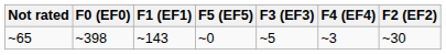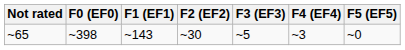 <table class="wikitable mw-collapsible">
 <tr>
 <th>Not rated</th>
 <th style="background-color:#">F0 (EF0)</th>
 <th style="background-color:#">F1 (EF1)</th>
-<th style="background-color:#">F5 (EF5)</th>
+<th style="background-color:#">F2 (EF2)</th>
 <th style="background-color:#">F3 (EF3)</th>
 <th style="background-color:#">F4 (EF4)</th>
-<th style="background-color:#">F2 (EF2)</th>
+<th style="background-color:#">F5 (EF5)</th>
 </tr>
 <tr>
 <td>~65</td>
 <td>~398</td>
 <td>~143</td>
-<td>~0</td>
+<td>~30</td>
 <td>~5</td>
 <td>~3</td>
-<td>~30</td>
+<td>~0</td>
 </tr>
 </table>
